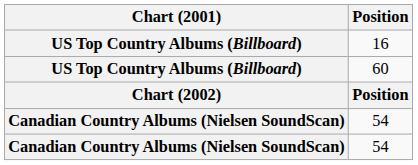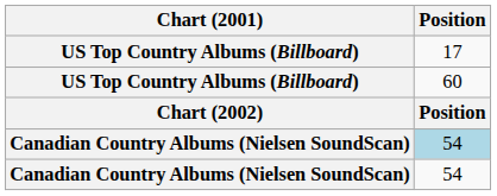 <table class="wikitable plainrowheaders" style="text-align:center">
 <tr>
 <th scope="col">Chart (2001)</th>
 <th scope="col">Position</th>
 </tr>
 <tr>
 <th scope="row">US Top Country Albums (<em>Billboard</em>)</th>
-<td>16</td>
+<td>17</td>
 </tr>
 <tr>
 <th scope="row">US Top Country Albums (<em>Billboard</em>)</th>
 <td>60</td>
 </tr>
 <tr>
 <th scope="col">Chart (2002)</th>
 <th scope="col">Position</th>
 </tr>
 <tr>
 <th scope="row">Canadian Country Albums (Nielsen SoundScan)</th>
-<td>54</td>
+<td style="background: lightblue;">54</td>
 </tr>
 <tr>
 <th scope="row">Canadian Country Albums (Nielsen SoundScan)</th>
 <td>54</td>
 </tr>
 </table>
